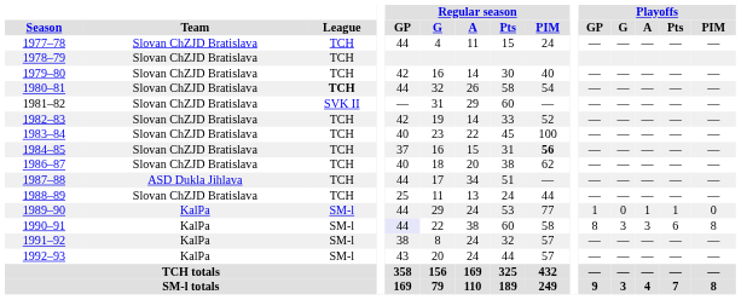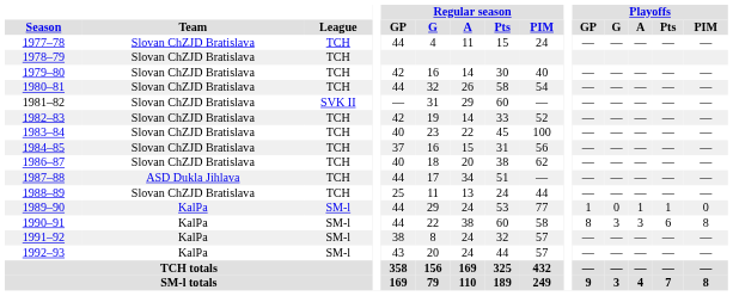 <table border="0" cellpadding="1" cellspacing="0" style="text-align:center; width:60em">
 <tr bgcolor="#e0e0e0">
 <th colspan="3" bgcolor="#ffffff"> </th>
 <th rowspan="99" bgcolor="#ffffff"> </th>
 <th colspan="5"><a href='#'>Regular season</a></th>
 <th rowspan="99" bgcolor="#ffffff"> </th>
 <th colspan="5"><a href='#'>Playoffs</a></th>
 </tr>
 <tr bgcolor="#e0e0e0">
 <th><a href='#'>Season</a></th>
 <th>Team</th>
 <th>League</th>
 <th>GP</th>
 <th><a href='#'>G</a></th>
 <th><a href='#'>A</a></th>
 <th><a href='#'>Pts</a></th>
 <th><a href='#'>PIM</a></th>
 <th>GP</th>
 <th>G</th>
 <th>A</th>
 <th>Pts</th>
 <th>PIM</th>
 </tr>
 <tr>
 <td><a href='#'>1977–78</a></td>
 <td><a href='#'>Slovan ChZJD Bratislava</a></td>
 <td><a href='#'>TCH</a></td>
 <td>44</td>
 <td>4</td>
 <td>11</td>
 <td>15</td>
 <td>24</td>
 <td>—</td>
 <td>—</td>
 <td>—</td>
 <td>—</td>
 <td>—</td>
 </tr>
 <tr bgcolor="#f0f0f0">
 <td><a href='#'>1978–79</a></td>
 <td>Slovan ChZJD Bratislava</td>
 <td>TCH</td>
 <td></td>
 <td></td>
 <td></td>
 <td></td>
 <td></td>
 <td></td>
 <td></td>
 <td></td>
 <td></td>
 <td></td>
 </tr>
 <tr>
 <td><a href='#'>1979–80</a></td>
 <td>Slovan ChZJD Bratislava</td>
 <td>TCH</td>
 <td>42</td>
 <td>16</td>
 <td>14</td>
 <td>30</td>
 <td>40</td>
 <td>—</td>
 <td>—</td>
 <td>—</td>
 <td>—</td>
 <td>—</td>
 </tr>
 <tr bgcolor="#f0f0f0">
 <td><a href='#'>1980–81</a></td>
 <td>Slovan ChZJD Bratislava</td>
-<td><strong>TCH</strong></td>
+<td>TCH</td>
 <td>44</td>
 <td>32</td>
 <td>26</td>
 <td>58</td>
 <td>54</td>
 <td>—</td>
 <td>—</td>
 <td>—</td>
 <td>—</td>
 <td>—</td>
 </tr>
 <tr>
 <td>1981–82</td>
 <td>Slovan ChZJD Bratislava</td>
 <td><a href='#'>SVK II</a></td>
 <td>—</td>
 <td>31</td>
 <td>29</td>
 <td>60</td>
 <td>—</td>
 <td>—</td>
 <td>—</td>
 <td>—</td>
 <td>—</td>
 <td>—</td>
 </tr>
 <tr bgcolor="#f0f0f0">
 <td><a href='#'>1982–83</a></td>
 <td>Slovan ChZJD Bratislava</td>
 <td>TCH</td>
 <td>42</td>
 <td>19</td>
 <td>14</td>
 <td>33</td>
 <td>52</td>
 <td>—</td>
 <td>—</td>
 <td>—</td>
 <td>—</td>
 <td>—</td>
 </tr>
 <tr>
 <td><a href='#'>1983–84</a></td>
 <td>Slovan ChZJD Bratislava</td>
 <td>TCH</td>
 <td>40</td>
 <td>23</td>
 <td>22</td>
 <td>45</td>
 <td>100</td>
 <td>—</td>
 <td>—</td>
 <td>—</td>
 <td>—</td>
 <td>—</td>
 </tr>
 <tr bgcolor="#f0f0f0">
 <td><a href='#'>1984–85</a></td>
 <td>Slovan ChZJD Bratislava</td>
 <td>TCH</td>
 <td>37</td>
 <td>16</td>
 <td>15</td>
 <td>31</td>
-<td><strong>56</strong></td>
+<td>56</td>
 <td>—</td>
 <td>—</td>
 <td>—</td>
 <td>—</td>
 <td>—</td>
 </tr>
 <tr>
 <td><a href='#'>1986–87</a></td>
 <td>Slovan ChZJD Bratislava</td>
 <td>TCH</td>
 <td>40</td>
 <td>18</td>
 <td>20</td>
 <td>38</td>
 <td>62</td>
 <td>—</td>
 <td>—</td>
 <td>—</td>
 <td>—</td>
 <td>—</td>
 </tr>
 <tr bgcolor="#f0f0f0">
 <td><a href='#'>1987–88</a></td>
 <td><a href='#'>ASD Dukla Jihlava</a></td>
 <td>TCH</td>
 <td>44</td>
 <td>17</td>
 <td>34</td>
 <td>51</td>
 <td>—</td>
 <td>—</td>
 <td>—</td>
 <td>—</td>
 <td>—</td>
 <td>—</td>
 </tr>
 <tr>
 <td><a href='#'>1988–89</a></td>
 <td>Slovan ChZJD Bratislava</td>
 <td>TCH</td>
 <td>25</td>
 <td>11</td>
 <td>13</td>
 <td>24</td>
 <td>44</td>
 <td>—</td>
 <td>—</td>
 <td>—</td>
 <td>—</td>
 <td>—</td>
 </tr>
 <tr bgcolor="#f0f0f0">
 <td><a href='#'>1989–90</a></td>
 <td><a href='#'>KalPa</a></td>
 <td><a href='#'>SM-l</a></td>
 <td>44</td>
 <td>29</td>
 <td>24</td>
 <td>53</td>
 <td>77</td>
 <td>1</td>
 <td>0</td>
 <td>1</td>
 <td>1</td>
 <td>0</td>
 </tr>
 <tr>
 <td><a href='#'>1990–91</a></td>
 <td>KalPa</td>
 <td>SM-l</td>
-<td style="background: lavender;">44</td>
+<td>44</td>
 <td>22</td>
 <td>38</td>
 <td>60</td>
 <td>58</td>
 <td>8</td>
 <td>3</td>
 <td>3</td>
 <td>6</td>
 <td>8</td>
 </tr>
 <tr bgcolor="#f0f0f0">
 <td><a href='#'>1991–92</a></td>
 <td>KalPa</td>
 <td>SM-l</td>
 <td>38</td>
 <td>8</td>
 <td>24</td>
 <td>32</td>
 <td>57</td>
 <td>—</td>
 <td>—</td>
 <td>—</td>
 <td>—</td>
 <td>—</td>
 </tr>
 <tr>
 <td><a href='#'>1992–93</a></td>
 <td>KalPa</td>
 <td>SM-l</td>
 <td>43</td>
 <td>20</td>
 <td>24</td>
 <td>44</td>
 <td>57</td>
 <td>—</td>
 <td>—</td>
 <td>—</td>
 <td>—</td>
 <td>—</td>
 </tr>
 <tr bgcolor="#e0e0e0">
 <th colspan="3">TCH totals</th>
 <th>358</th>
 <th>156</th>
 <th>169</th>
 <th>325</th>
 <th>432</th>
 <th>—</th>
 <th>—</th>
 <th>—</th>
 <th>—</th>
 <th>—</th>
 </tr>
 <tr bgcolor="#e0e0e0">
 <th colspan="3">SM-l totals</th>
 <th>169</th>
 <th>79</th>
 <th>110</th>
 <th>189</th>
 <th>249</th>
 <th>9</th>
 <th>3</th>
 <th>4</th>
 <th>7</th>
 <th>8</th>
 </tr>
 </table>
